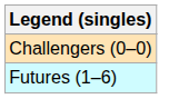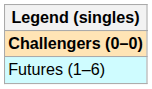 <table class=wikitable style=font-size:97%>
 <tr>
 <th>Legend (singles)</th>
 </tr>
 <tr bgcolor=e5d1cb>
 </tr>
 <tr bgcolor=moccasin>
-<td>Challengers (0–0)</td>
+<td><strong>Challengers (0–0)</strong></td>
 </tr>
 <tr bgcolor=CFFCFF>
 <td>Futures (1–6)</td>
 </tr>
 </table>
